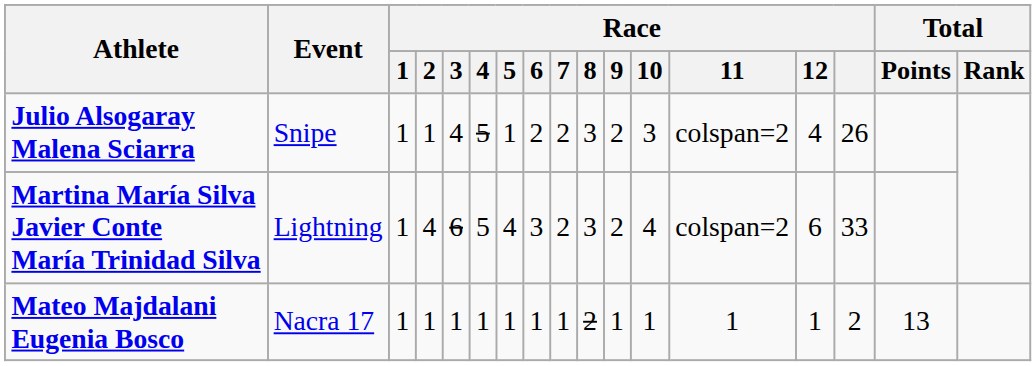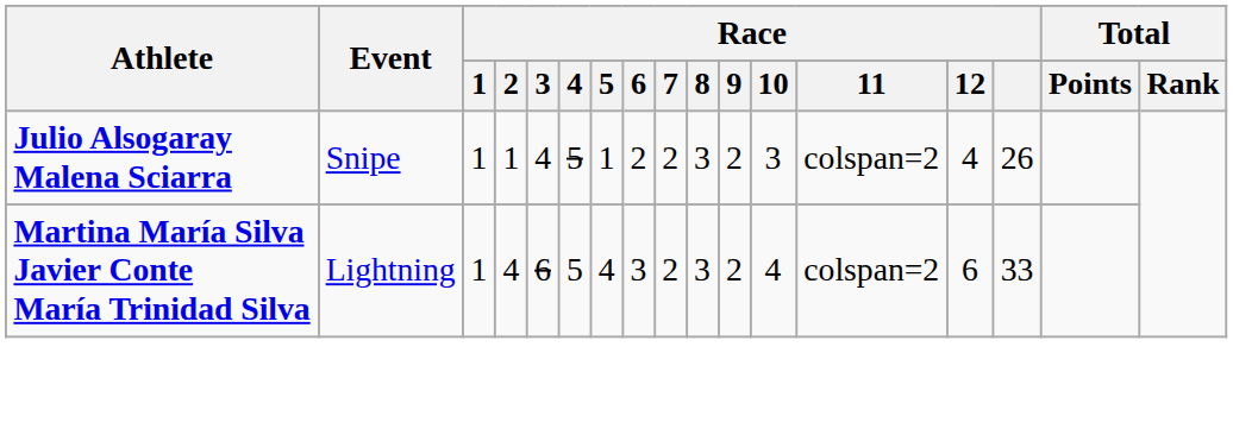 <table class=wikitable style=font-size:90%;text-align:center>
 <tr>
 <th rowspan=2>Athlete</th>
 <th rowspan=2>Event</th>
 <th colspan=13>Race</th>
 <th colspan=2>Total</th>
 </tr>
 <tr style=font-size:95%>
 <th>1</th>
 <th>2</th>
 <th>3</th>
 <th>4</th>
 <th>5</th>
 <th>6</th>
 <th>7</th>
 <th>8</th>
 <th>9</th>
 <th>10</th>
 <th>11</th>
 <th>12</th>
 <th></th>
 <th>Points</th>
 <th>Rank</th>
 </tr>
 <tr>
 <td align=left><strong><a href='#'>Julio Alsogaray</a><br><a href='#'>Malena Sciarra</a></strong></td>
 <td align=left><a href='#'>Snipe</a></td>
 <td>1</td>
 <td>1</td>
 <td>4</td>
 <td><s>5</s></td>
 <td>1</td>
 <td>2</td>
 <td>2</td>
 <td>3</td>
 <td>2</td>
 <td>3</td>
 <td>colspan=2 </td>
 <td>4</td>
 <td>26</td>
 <td></td>
 </tr>
 <tr>
 <td align=left><strong><a href='#'>Martina María Silva</a><br><a href='#'>Javier Conte</a><br><a href='#'>María Trinidad Silva</a></strong></td>
 <td align=left><a href='#'>Lightning</a></td>
 <td>1</td>
 <td>4</td>
 <td><s>6</s></td>
 <td>5</td>
 <td>4</td>
 <td>3</td>
 <td>2</td>
 <td>3</td>
 <td>2</td>
 <td>4</td>
 <td>colspan=2 </td>
 <td>6</td>
 <td>33</td>
 <td></td>
 </tr>
-<tr>
-<td align=left><strong><a href='#'>Mateo Majdalani</a><br><a href='#'>Eugenia Bosco</a></strong></td>
-<td align=left><a href='#'>Nacra 17</a></td>
-<td>1</td>
-<td>1</td>
-<td>1</td>
-<td>1</td>
-<td>1</td>
-<td>1</td>
-<td>1</td>
-<td><s>2</s></td>
-<td>1</td>
-<td>1</td>
-<td>1</td>
-<td>1</td>
-<td>2</td>
-<td>13</td>
-<td></td>
-</tr>
 </table>
